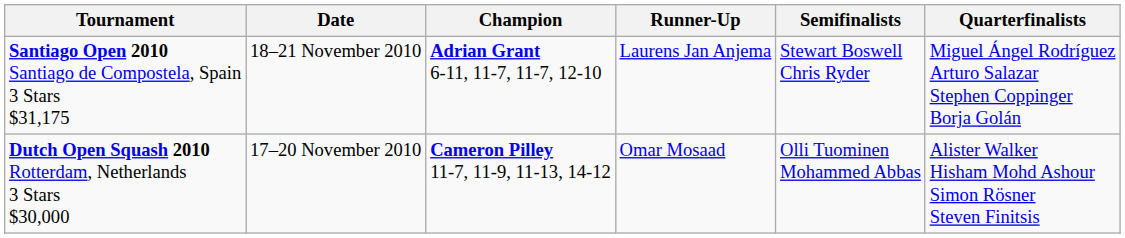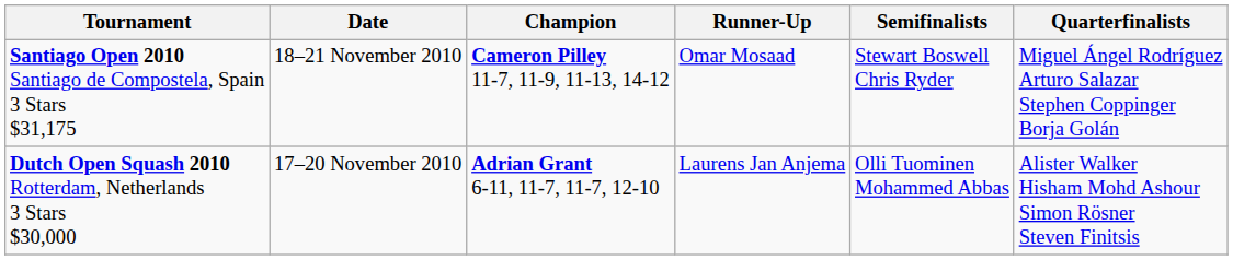 <table class="wikitable" style="font-size:88%">
 <tr>
 <th>Tournament</th>
 <th>Date</th>
 <th>Champion</th>
 <th>Runner-Up</th>
 <th>Semifinalists</th>
 <th>Quarterfinalists</th>
 </tr>
 <tr valign=top>
 <td><strong><a href='#'>Santiago Open</a> 2010</strong><br> <a href='#'>Santiago de Compostela</a>, Spain<br>3 Stars<br>$31,175</td>
 <td>18–21 November 2010</td>
-<td> <strong><a href='#'>Adrian Grant</a></strong><br>6-11, 11-7, 11-7, 12-10</td>
-<td> <a href='#'>Laurens Jan Anjema</a></td>
+<td> <strong><a href='#'>Cameron Pilley</a></strong><br>11-7, 11-9, 11-13, 14-12</td>
+<td> <a href='#'>Omar Mosaad</a></td>
 <td> <a href='#'>Stewart Boswell</a><br> <a href='#'>Chris Ryder</a></td>
 <td> <a href='#'>Miguel Ángel Rodríguez</a><br> <a href='#'>Arturo Salazar</a><br> <a href='#'>Stephen Coppinger</a><br> <a href='#'>Borja Golán</a></td>
 </tr>
 <tr valign=top>
 <td><strong><a href='#'>Dutch Open Squash</a> 2010</strong><br> <a href='#'>Rotterdam</a>, Netherlands<br>3 Stars<br>$30,000</td>
 <td>17–20 November 2010</td>
-<td> <strong><a href='#'>Cameron Pilley</a></strong><br>11-7, 11-9, 11-13, 14-12</td>
-<td> <a href='#'>Omar Mosaad</a></td>
+<td> <strong><a href='#'>Adrian Grant</a></strong><br>6-11, 11-7, 11-7, 12-10</td>
+<td> <a href='#'>Laurens Jan Anjema</a></td>
 <td> <a href='#'>Olli Tuominen</a><br> <a href='#'>Mohammed Abbas</a></td>
 <td> <a href='#'>Alister Walker</a><br> <a href='#'>Hisham Mohd Ashour</a><br> <a href='#'>Simon Rösner</a><br> <a href='#'>Steven Finitsis</a></td>
 </tr>
 </table>
